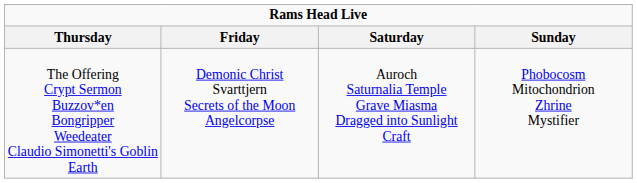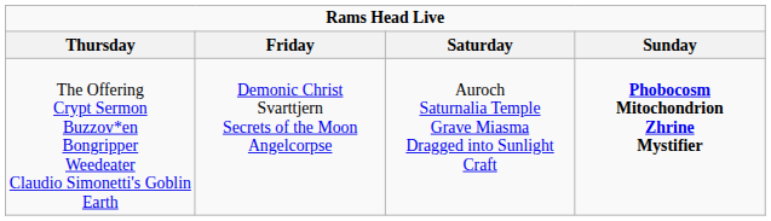 <table class="wikitable">
 <tr>
 <td colspan="4" align="center"><strong>Rams Head Live</strong></td>
 </tr>
 <tr>
 <th>Thursday</th>
 <th>Friday</th>
 <th>Saturday</th>
 <th>Sunday</th>
 </tr>
 <tr>
 <td valign="top" align="center" width=175><br>The Offering<br> <a href='#'>Crypt Sermon</a><br> <a href='#'>Buzzov*en</a><br> <a href='#'>Bongripper</a><br> <a href='#'>Weedeater</a><br> <a href='#'>Claudio Simonetti's Goblin</a><br> <a href='#'>Earth</a></td>
 <td valign="top" align="center" width=175><br><a href='#'>Demonic Christ</a><br> Svarttjern<br> <a href='#'>Secrets of the Moon</a><br> <a href='#'>Angelcorpse</a></td>
 <td valign="top" align="center" width=175><br>Auroch<br> <a href='#'>Saturnalia Temple</a><br> <a href='#'>Grave Miasma</a><br> <a href='#'>Dragged into Sunlight</a><br> <a href='#'>Craft</a></td>
-<td valign="top" align="center" width=175><br><a href='#'>Phobocosm</a><br> Mitochondrion<br> <a href='#'>Zhrine</a><br> Mystifier</td>
+<td valign="top" align="center" width=175><strong><br><a href='#'>Phobocosm</a><br> Mitochondrion<br> <a href='#'>Zhrine</a><br> Mystifier</strong></td>
 </tr>
 </table>
